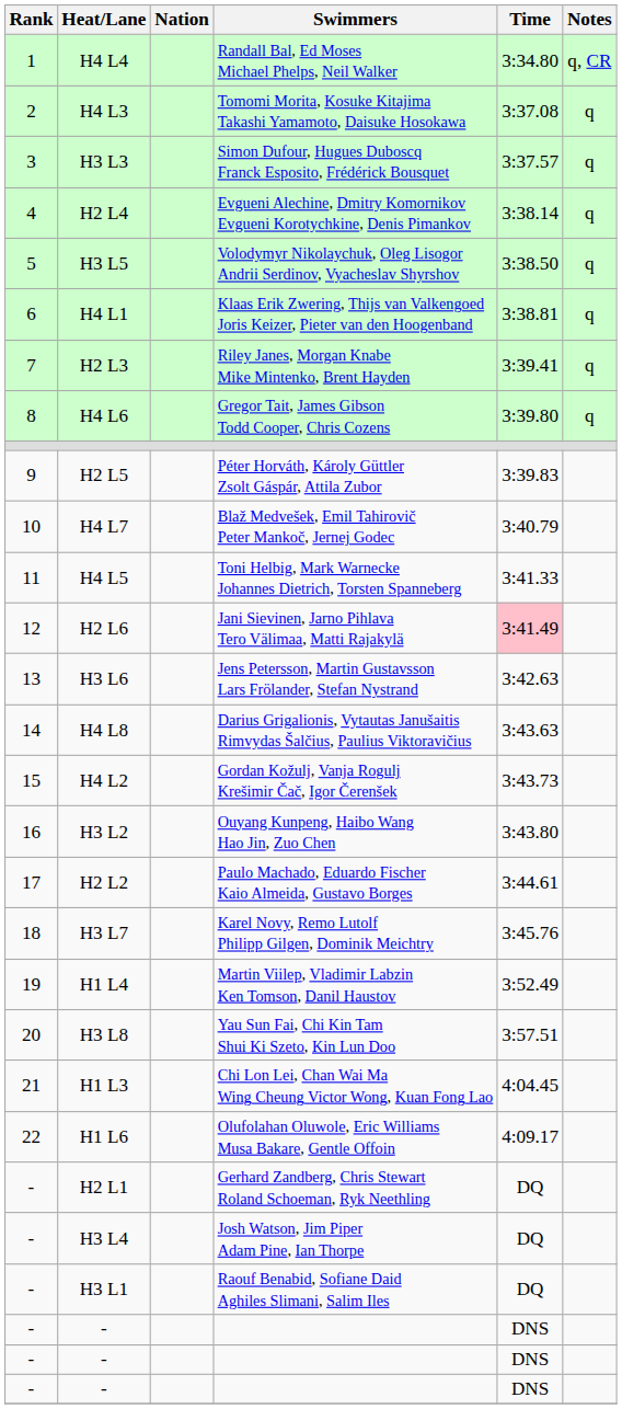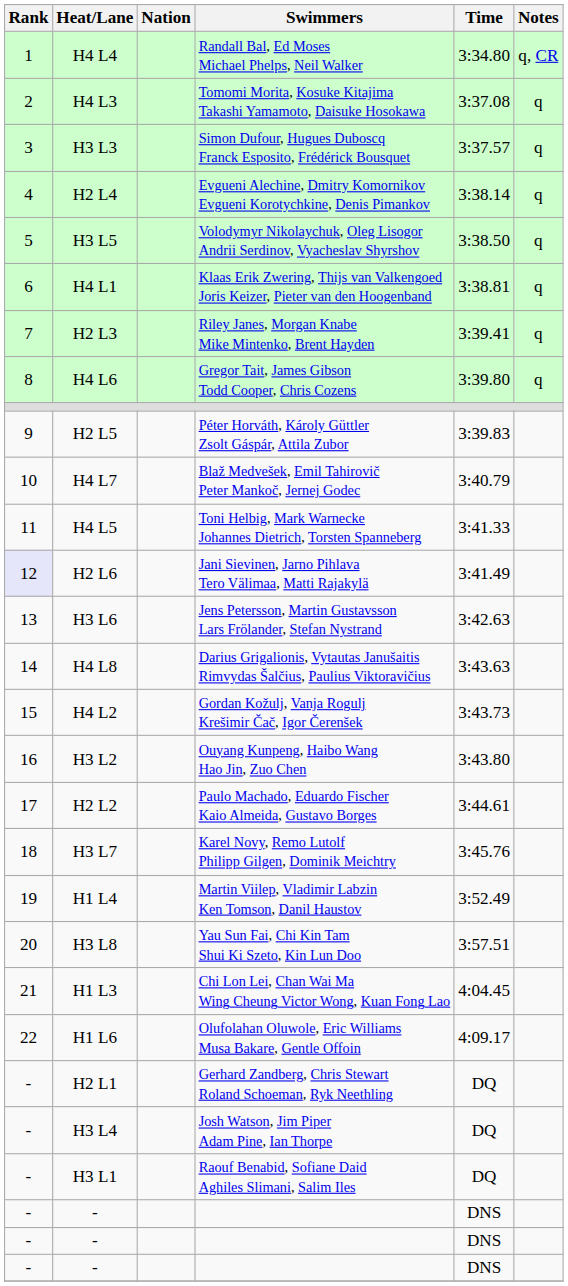 <table class="wikitable sortable" style="text-align:center">
 <tr>
 <th>Rank</th>
 <th>Heat/Lane</th>
 <th>Nation</th>
 <th>Swimmers</th>
 <th>Time</th>
 <th>Notes</th>
 </tr>
 <tr bgcolor=ccffcc>
 <td>1</td>
 <td>H4 L4</td>
 <td align=left></td>
 <td align=left><small> <a href='#'>Randall Bal</a>, <a href='#'>Ed Moses</a> <br> <a href='#'>Michael Phelps</a>, <a href='#'>Neil Walker</a> </small></td>
 <td>3:34.80</td>
 <td>q, <a href='#'>CR</a></td>
 </tr>
 <tr bgcolor=ccffcc>
 <td>2</td>
 <td>H4 L3</td>
 <td align=left></td>
 <td align=left><small> <a href='#'>Tomomi Morita</a>, <a href='#'>Kosuke Kitajima</a> <br> <a href='#'>Takashi Yamamoto</a>, <a href='#'>Daisuke Hosokawa</a> </small></td>
 <td>3:37.08</td>
 <td>q</td>
 </tr>
 <tr bgcolor=ccffcc>
 <td>3</td>
 <td>H3 L3</td>
 <td align=left></td>
 <td align=left><small> <a href='#'>Simon Dufour</a>, <a href='#'>Hugues Duboscq</a> <br> <a href='#'>Franck Esposito</a>, <a href='#'>Frédérick Bousquet</a> </small></td>
 <td>3:37.57</td>
 <td>q</td>
 </tr>
 <tr bgcolor=ccffcc>
 <td>4</td>
 <td>H2 L4</td>
 <td align=left></td>
 <td align=left><small> <a href='#'>Evgueni Alechine</a>, <a href='#'>Dmitry Komornikov</a> <br> <a href='#'>Evgueni Korotychkine</a>, <a href='#'>Denis Pimankov</a> </small></td>
 <td>3:38.14</td>
 <td>q</td>
 </tr>
 <tr bgcolor=ccffcc>
 <td>5</td>
 <td>H3 L5</td>
 <td align=left></td>
 <td align=left><small> <a href='#'>Volodymyr Nikolaychuk</a>, <a href='#'>Oleg Lisogor</a> <br> <a href='#'>Andrii Serdinov</a>, <a href='#'>Vyacheslav Shyrshov</a> </small></td>
 <td>3:38.50</td>
 <td>q</td>
 </tr>
 <tr bgcolor=ccffcc>
 <td>6</td>
 <td>H4 L1</td>
 <td align=left></td>
 <td align=left><small> <a href='#'>Klaas Erik Zwering</a>, <a href='#'>Thijs van Valkengoed</a> <br> <a href='#'>Joris Keizer</a>, <a href='#'>Pieter van den Hoogenband</a> </small></td>
 <td>3:38.81</td>
 <td>q</td>
 </tr>
 <tr bgcolor=ccffcc>
 <td>7</td>
 <td>H2 L3</td>
 <td align=left></td>
 <td align=left><small> <a href='#'>Riley Janes</a>, <a href='#'>Morgan Knabe</a> <br> <a href='#'>Mike Mintenko</a>, <a href='#'>Brent Hayden</a> </small></td>
 <td>3:39.41</td>
 <td>q</td>
 </tr>
 <tr bgcolor=ccffcc>
 <td>8</td>
 <td>H4 L6</td>
 <td align=left></td>
 <td align=left><small> <a href='#'>Gregor Tait</a>, <a href='#'>James Gibson</a> <br> <a href='#'>Todd Cooper</a>, <a href='#'>Chris Cozens</a> </small></td>
 <td>3:39.80</td>
 <td>q</td>
 </tr>
 <tr bgcolor=#DDDDDD>
 <td colspan=6></td>
 </tr>
 <tr>
 <td>9</td>
 <td>H2 L5</td>
 <td align=left></td>
 <td align=left><small> <a href='#'>Péter Horváth</a>, <a href='#'>Károly Güttler</a> <br> <a href='#'>Zsolt Gáspár</a>, <a href='#'>Attila Zubor</a> </small></td>
 <td>3:39.83</td>
 <td></td>
 </tr>
 <tr>
 <td>10</td>
 <td>H4 L7</td>
 <td align=left></td>
 <td align=left><small> <a href='#'>Blaž Medvešek</a>, <a href='#'>Emil Tahirovič</a> <br> <a href='#'>Peter Mankoč</a>, <a href='#'>Jernej Godec</a> </small></td>
 <td>3:40.79</td>
 <td></td>
 </tr>
 <tr>
 <td>11</td>
 <td>H4 L5</td>
 <td align=left></td>
 <td align=left><small> <a href='#'>Toni Helbig</a>, <a href='#'>Mark Warnecke</a> <br> <a href='#'>Johannes Dietrich</a>, <a href='#'>Torsten Spanneberg</a> </small></td>
 <td>3:41.33</td>
 <td></td>
 </tr>
 <tr>
-<td>12</td>
+<td style="background: lavender;">12</td>
 <td>H2 L6</td>
 <td align=left></td>
 <td align=left><small> <a href='#'>Jani Sievinen</a>, <a href='#'>Jarno Pihlava</a> <br> <a href='#'>Tero Välimaa</a>, <a href='#'>Matti Rajakylä</a> </small></td>
-<td style="background: pink;">3:41.49</td>
+<td>3:41.49</td>
 <td></td>
 </tr>
 <tr>
 <td>13</td>
 <td>H3 L6</td>
 <td align=left></td>
 <td align=left><small> <a href='#'>Jens Petersson</a>, <a href='#'>Martin Gustavsson</a> <br> <a href='#'>Lars Frölander</a>, <a href='#'>Stefan Nystrand</a> </small></td>
 <td>3:42.63</td>
 <td></td>
 </tr>
 <tr>
 <td>14</td>
 <td>H4 L8</td>
 <td align=left></td>
 <td align=left><small> <a href='#'>Darius Grigalionis</a>, <a href='#'>Vytautas Janušaitis</a> <br> <a href='#'>Rimvydas Šalčius</a>, <a href='#'>Paulius Viktoravičius</a> </small></td>
 <td>3:43.63</td>
 <td></td>
 </tr>
 <tr>
 <td>15</td>
 <td>H4 L2</td>
 <td align=left></td>
 <td align=left><small> <a href='#'>Gordan Kožulj</a>, <a href='#'>Vanja Rogulj</a> <br> <a href='#'>Krešimir Čač</a>, <a href='#'>Igor Čerenšek</a> </small></td>
 <td>3:43.73</td>
 <td></td>
 </tr>
 <tr>
 <td>16</td>
 <td>H3 L2</td>
 <td align=left></td>
 <td align=left><small> <a href='#'>Ouyang Kunpeng</a>, <a href='#'>Haibo Wang</a> <br> <a href='#'>Hao Jin</a>, <a href='#'>Zuo Chen</a> </small></td>
 <td>3:43.80</td>
 <td></td>
 </tr>
 <tr>
 <td>17</td>
 <td>H2 L2</td>
 <td align=left></td>
 <td align=left><small> <a href='#'>Paulo Machado</a>, <a href='#'>Eduardo Fischer</a> <br> <a href='#'>Kaio Almeida</a>, <a href='#'>Gustavo Borges</a> </small></td>
 <td>3:44.61</td>
 <td></td>
 </tr>
 <tr>
 <td>18</td>
 <td>H3 L7</td>
 <td align=left></td>
 <td align=left><small> <a href='#'>Karel Novy</a>, <a href='#'>Remo Lutolf</a> <br> <a href='#'>Philipp Gilgen</a>, <a href='#'>Dominik Meichtry</a> </small></td>
 <td>3:45.76</td>
 <td></td>
 </tr>
 <tr>
 <td>19</td>
 <td>H1 L4</td>
 <td align=left></td>
 <td align=left><small> <a href='#'>Martin Viilep</a>, <a href='#'>Vladimir Labzin</a> <br> <a href='#'>Ken Tomson</a>, <a href='#'>Danil Haustov</a> </small></td>
 <td>3:52.49</td>
 <td></td>
 </tr>
 <tr>
 <td>20</td>
 <td>H3 L8</td>
 <td align=left></td>
 <td align=left><small> <a href='#'>Yau Sun Fai</a>, <a href='#'>Chi Kin Tam</a> <br> <a href='#'>Shui Ki Szeto</a>, <a href='#'>Kin Lun Doo</a> </small></td>
 <td>3:57.51</td>
 <td></td>
 </tr>
 <tr>
 <td>21</td>
 <td>H1 L3</td>
 <td align=left></td>
 <td align=left><small> <a href='#'>Chi Lon Lei</a>, <a href='#'>Chan Wai Ma</a> <br> <a href='#'>Wing Cheung Victor Wong</a>, <a href='#'>Kuan Fong Lao</a> </small></td>
 <td>4:04.45</td>
 <td></td>
 </tr>
 <tr>
 <td>22</td>
 <td>H1 L6</td>
 <td align=left></td>
 <td align=left><small> <a href='#'>Olufolahan Oluwole</a>, <a href='#'>Eric Williams</a> <br> <a href='#'>Musa Bakare</a>, <a href='#'>Gentle Offoin</a> </small></td>
 <td>4:09.17</td>
 <td></td>
 </tr>
 <tr>
 <td>-</td>
 <td>H2 L1</td>
 <td align=left></td>
 <td align=left><small> <a href='#'>Gerhard Zandberg</a>, <a href='#'>Chris Stewart</a> <br> <a href='#'>Roland Schoeman</a>, <a href='#'>Ryk Neethling</a> </small></td>
 <td>DQ</td>
 <td></td>
 </tr>
 <tr>
 <td>-</td>
 <td>H3 L4</td>
 <td align=left></td>
 <td align=left><small> <a href='#'>Josh Watson</a>, <a href='#'>Jim Piper</a> <br> <a href='#'>Adam Pine</a>, <a href='#'>Ian Thorpe</a> </small></td>
 <td>DQ</td>
 <td></td>
 </tr>
 <tr>
 <td>-</td>
 <td>H3 L1</td>
 <td align=left></td>
 <td align=left><small> <a href='#'>Raouf Benabid</a>, <a href='#'>Sofiane Daid</a> <br> <a href='#'>Aghiles Slimani</a>, <a href='#'>Salim Iles</a> </small></td>
 <td>DQ</td>
 <td></td>
 </tr>
 <tr>
 <td>-</td>
 <td>-</td>
 <td align=left></td>
 <td align=left></td>
 <td>DNS</td>
 <td></td>
 </tr>
 <tr>
 <td>-</td>
 <td>-</td>
 <td align=left></td>
 <td align=left></td>
 <td>DNS</td>
 <td></td>
 </tr>
 <tr>
 <td>-</td>
 <td>-</td>
 <td align=left></td>
 <td align=left></td>
 <td>DNS</td>
 <td></td>
 </tr>
 <tr>
 </tr>
 </table>
